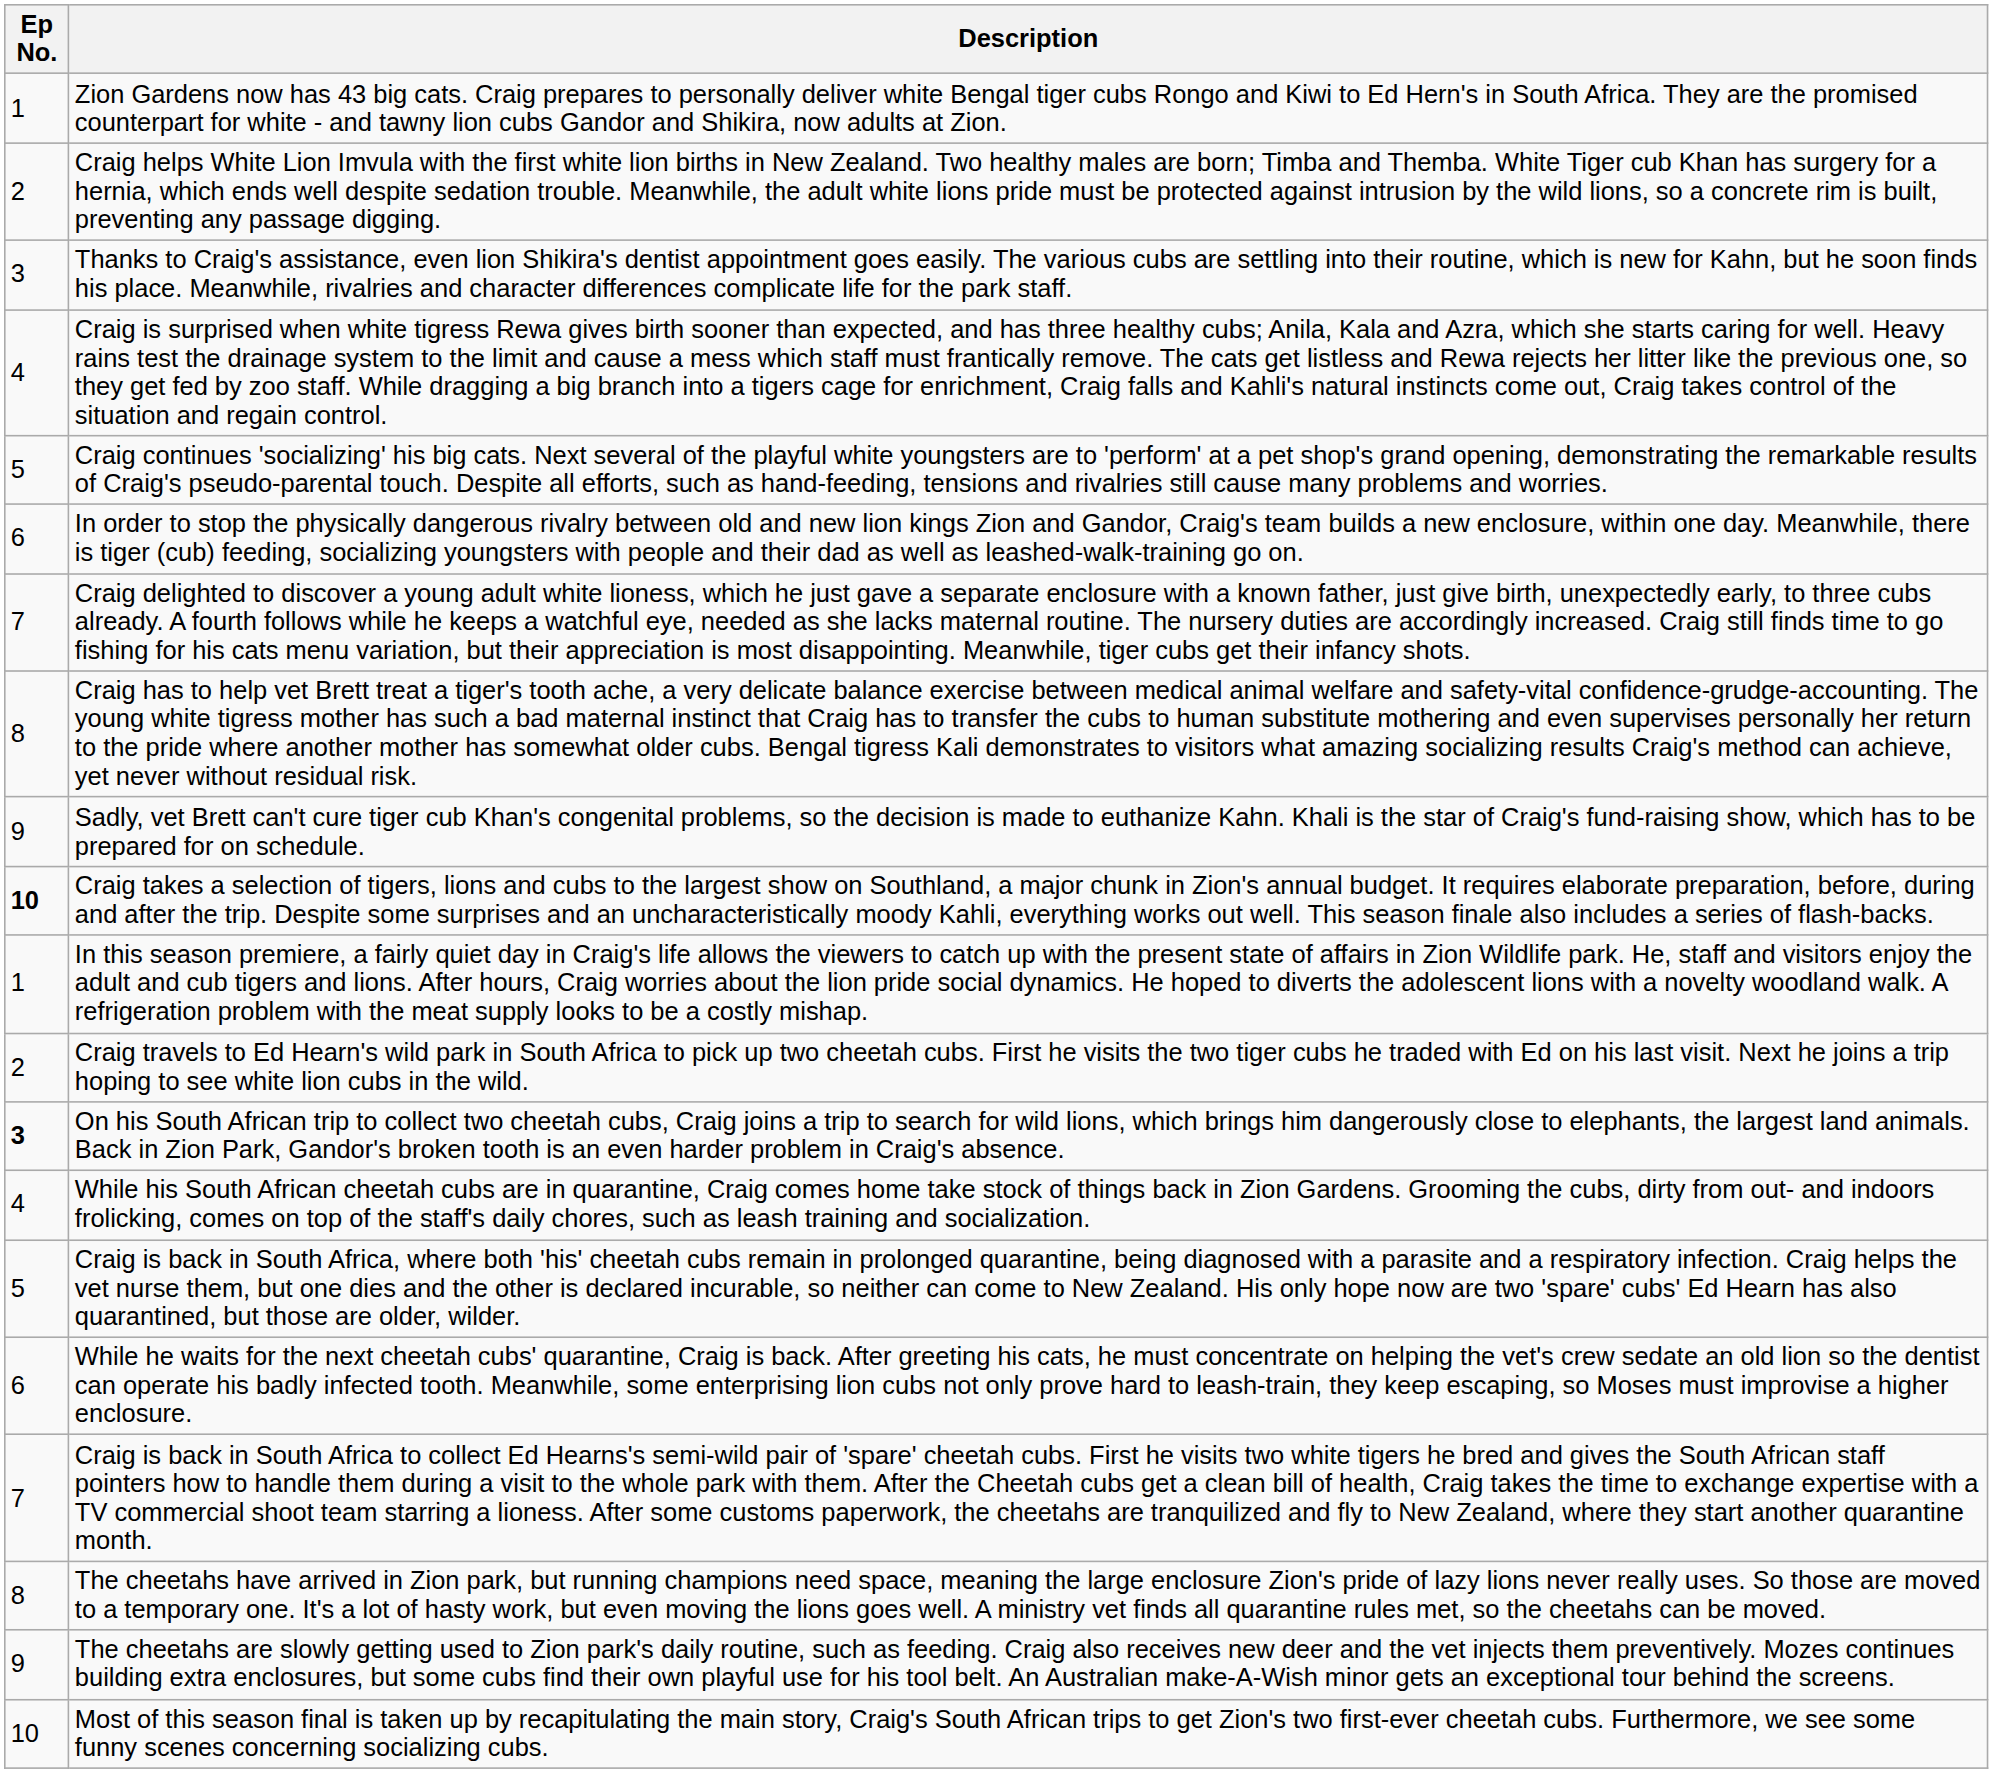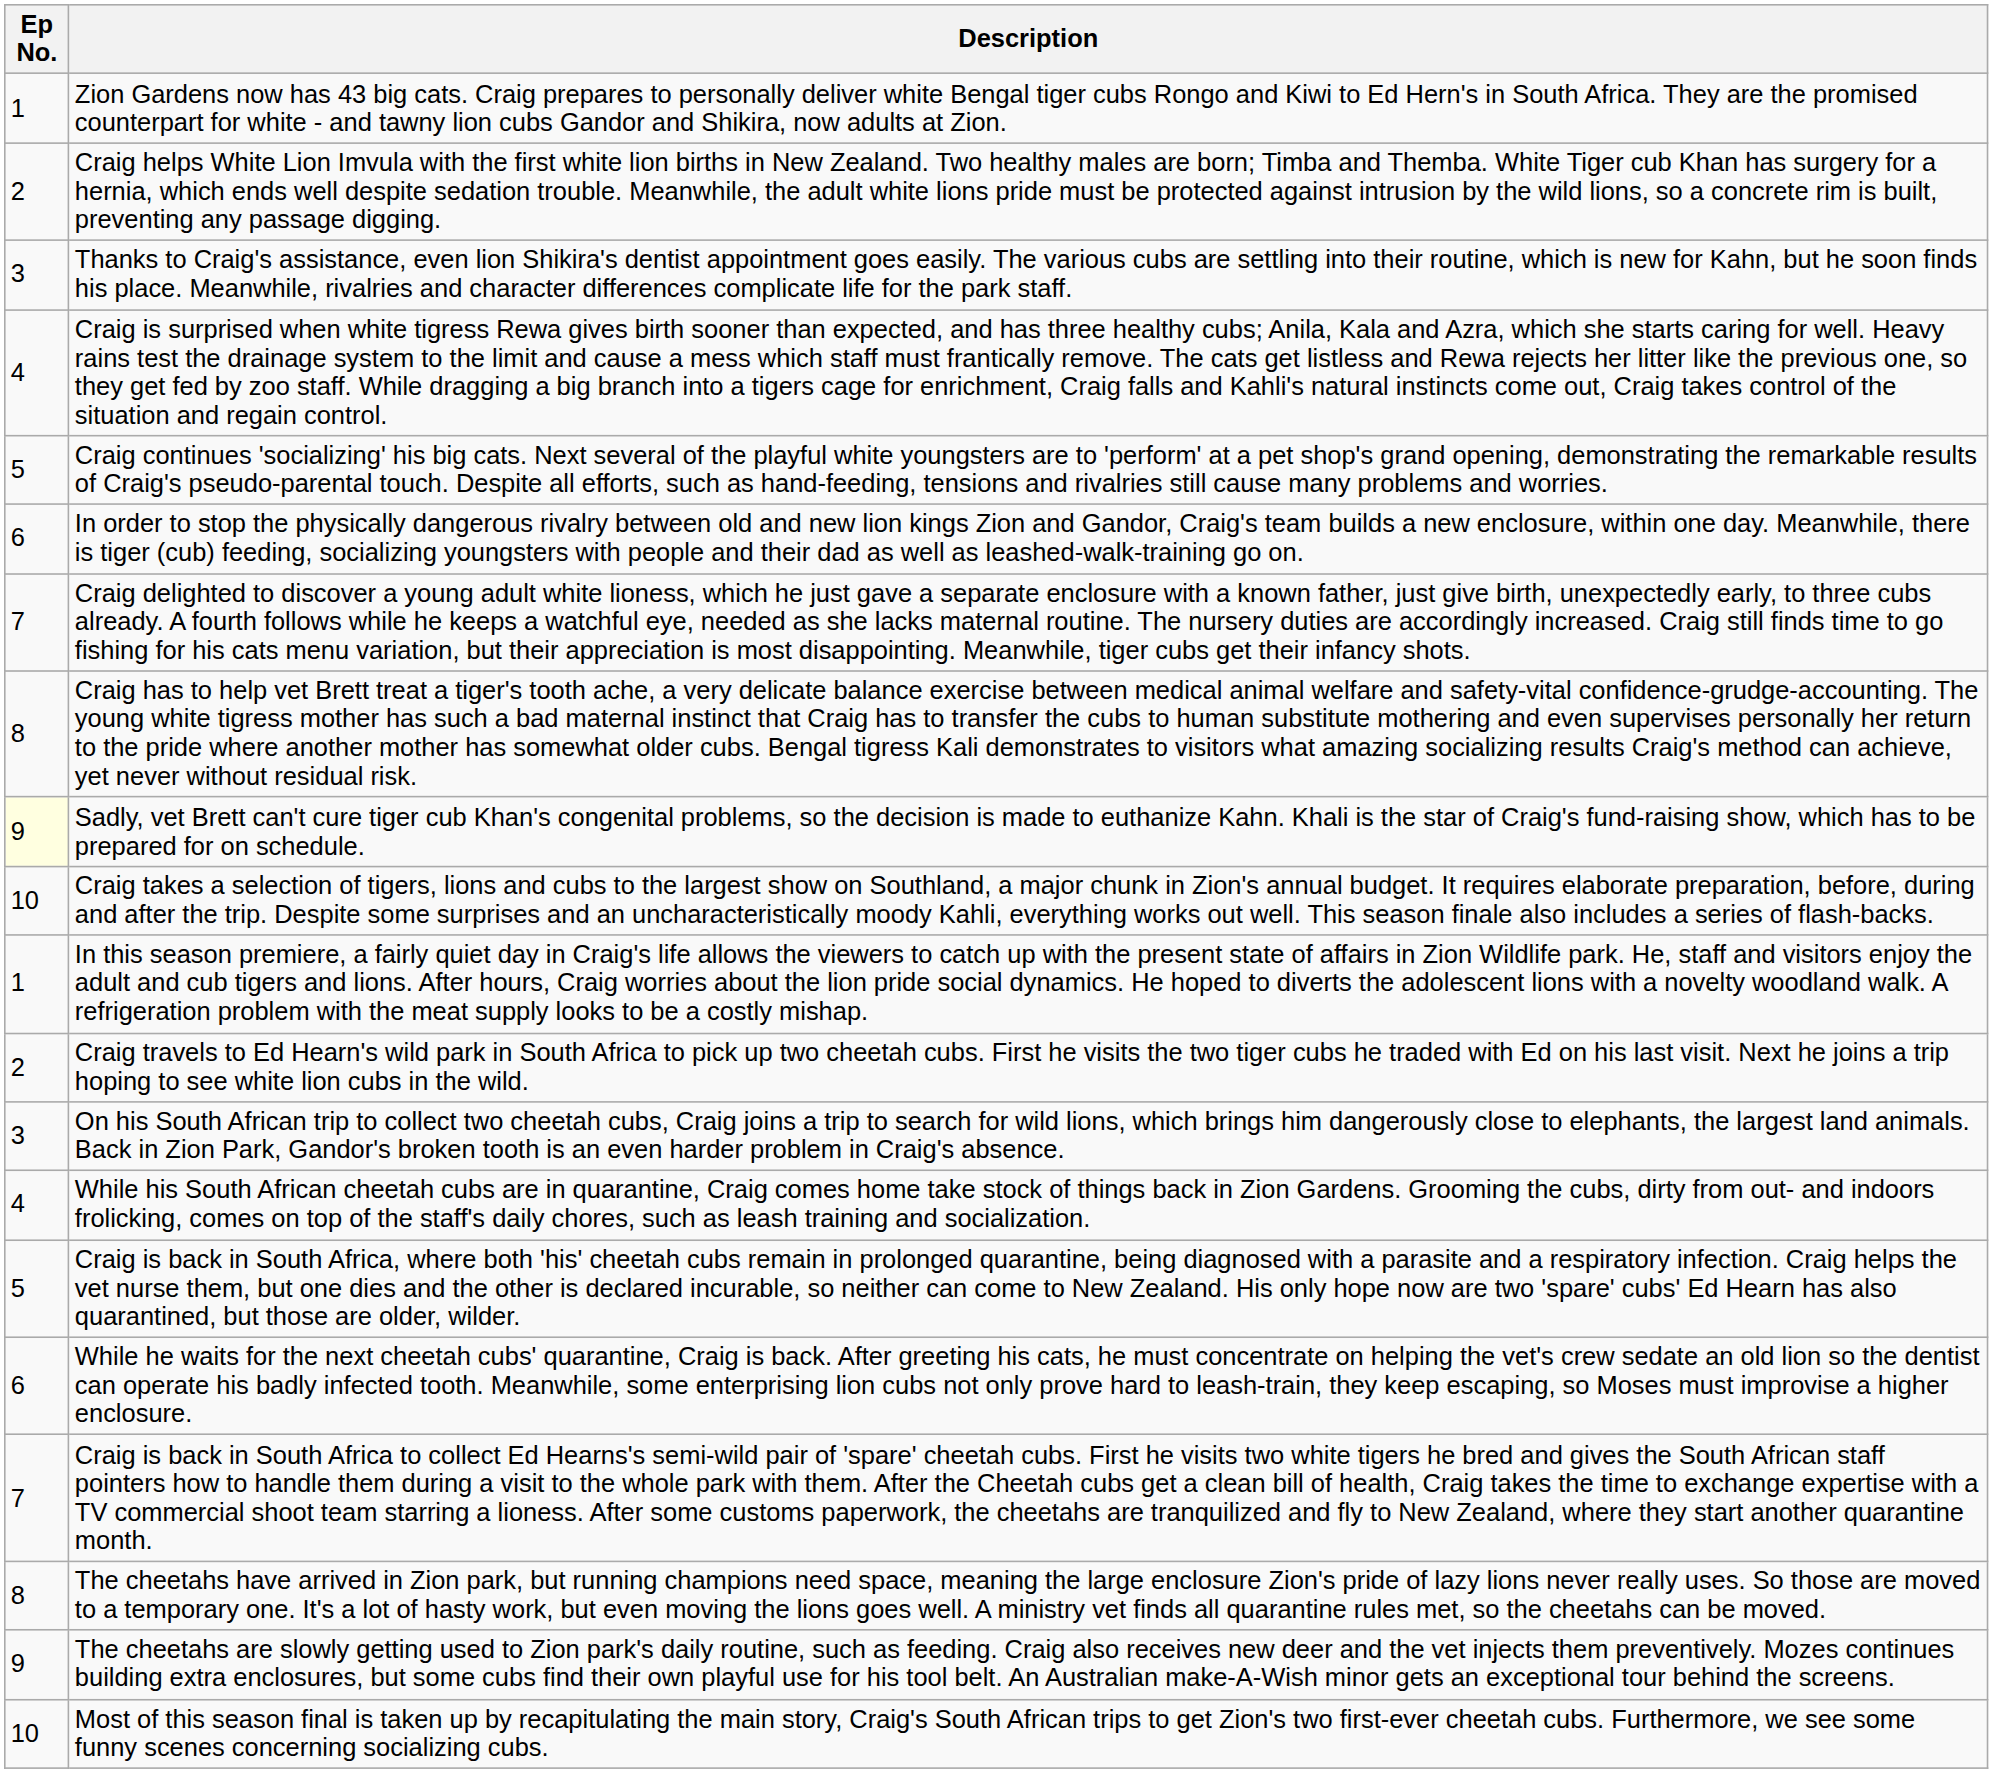 <table class="wikitable">
 <tr>
 <th>Ep No.</th>
 <th>Description</th>
 </tr>
 <tr>
 <td>1</td>
 <td>Zion Gardens now has 43 big cats. Craig prepares to personally deliver white Bengal tiger cubs Rongo and Kiwi to Ed Hern's in South Africa. They are the promised counterpart for white - and tawny lion cubs Gandor and Shikira, now adults at Zion.</td>
 </tr>
 <tr>
 <td>2</td>
 <td>Craig helps White Lion Imvula with the first white lion births in New Zealand. Two healthy males are born; Timba and Themba. White Tiger cub Khan has surgery for a hernia, which ends well despite sedation trouble. Meanwhile, the adult white lions pride must be protected against intrusion by the wild lions, so a concrete rim is built, preventing any passage digging.</td>
 </tr>
 <tr>
 <td>3</td>
 <td>Thanks to Craig's assistance, even lion Shikira's dentist appointment goes easily. The various cubs are settling into their routine, which is new for Kahn, but he soon finds his place. Meanwhile, rivalries and character differences complicate life for the park staff.</td>
 </tr>
 <tr>
 <td>4</td>
 <td>Craig is surprised when white tigress Rewa gives birth sooner than expected, and has three healthy cubs; Anila, Kala and Azra, which she starts caring for well. Heavy rains test the drainage system to the limit and cause a mess which staff must frantically remove. The cats get listless and Rewa rejects her litter like the previous one, so they get fed by zoo staff. While dragging a big branch into a tigers cage for enrichment, Craig falls and Kahli's natural instincts come out, Craig takes control of the situation and regain control.</td>
 </tr>
 <tr>
 <td>5</td>
 <td>Craig continues 'socializing' his big cats. Next several of the playful white youngsters are to 'perform' at a pet shop's grand opening, demonstrating the remarkable results of Craig's pseudo-parental touch. Despite all efforts, such as hand-feeding, tensions and rivalries still cause many problems and worries.</td>
 </tr>
 <tr>
 <td>6</td>
 <td>In order to stop the physically dangerous rivalry between old and new lion kings Zion and Gandor, Craig's team builds a new enclosure, within one day. Meanwhile, there is tiger (cub) feeding, socializing youngsters with people and their dad as well as leashed-walk-training go on.</td>
 </tr>
 <tr>
 <td>7</td>
 <td>Craig delighted to discover a young adult white lioness, which he just gave a separate enclosure with a known father, just give birth, unexpectedly early, to three cubs already. A fourth follows while he keeps a watchful eye, needed as she lacks maternal routine. The nursery duties are accordingly increased. Craig still finds time to go fishing for his cats menu variation, but their appreciation is most disappointing. Meanwhile, tiger cubs get their infancy shots.</td>
 </tr>
 <tr>
 <td>8</td>
 <td>Craig has to help vet Brett treat a tiger's tooth ache, a very delicate balance exercise between medical animal welfare and safety-vital confidence-grudge-accounting. The young white tigress mother has such a bad maternal instinct that Craig has to transfer the cubs to human substitute mothering and even supervises personally her return to the pride where another mother has somewhat older cubs. Bengal tigress Kali demonstrates to visitors what amazing socializing results Craig's method can achieve, yet never without residual risk.</td>
 </tr>
 <tr>
-<td>9</td>
+<td style="background: lightyellow;">9</td>
 <td>Sadly, vet Brett can't cure tiger cub Khan's congenital problems, so the decision is made to euthanize Kahn. Khali is the star of Craig's fund-raising show, which has to be prepared for on schedule.</td>
 </tr>
 <tr>
-<td><strong>10</strong></td>
+<td>10</td>
 <td>Craig takes a selection of tigers, lions and cubs to the largest show on Southland, a major chunk in Zion's annual budget. It requires elaborate preparation, before, during and after the trip. Despite some surprises and an uncharacteristically moody Kahli, everything works out well. This season finale also includes a series of flash-backs.</td>
 </tr>
 <tr>
 <td>1</td>
 <td>In this season premiere, a fairly quiet day in Craig's life allows the viewers to catch up with the present state of affairs in Zion Wildlife park. He, staff and visitors enjoy the adult and cub tigers and lions. After hours, Craig worries about the lion pride social dynamics. He hoped to diverts the adolescent lions with a novelty woodland walk. A refrigeration problem with the meat supply looks to be a costly mishap.</td>
 </tr>
 <tr>
 <td>2</td>
 <td>Craig travels to Ed Hearn's wild park in South Africa to pick up two cheetah cubs. First he visits the two tiger cubs he traded with Ed on his last visit. Next he joins a trip hoping to see white lion cubs in the wild.</td>
 </tr>
 <tr>
-<td><strong>3</strong></td>
+<td>3</td>
 <td>On his South African trip to collect two cheetah cubs, Craig joins a trip to search for wild lions, which brings him dangerously close to elephants, the largest land animals. Back in Zion Park, Gandor's broken tooth is an even harder problem in Craig's absence.</td>
 </tr>
 <tr>
 <td>4</td>
 <td>While his South African cheetah cubs are in quarantine, Craig comes home take stock of things back in Zion Gardens. Grooming the cubs, dirty from out- and indoors frolicking, comes on top of the staff's daily chores, such as leash training and socialization.</td>
 </tr>
 <tr>
 <td>5</td>
 <td>Craig is back in South Africa, where both 'his' cheetah cubs remain in prolonged quarantine, being diagnosed with a parasite and a respiratory infection. Craig helps the vet nurse them, but one dies and the other is declared incurable, so neither can come to New Zealand. His only hope now are two 'spare' cubs' Ed Hearn has also quarantined, but those are older, wilder.</td>
 </tr>
 <tr>
 <td>6</td>
 <td>While he waits for the next cheetah cubs' quarantine, Craig is back. After greeting his cats, he must concentrate on helping the vet's crew sedate an old lion so the dentist can operate his badly infected tooth. Meanwhile, some enterprising lion cubs not only prove hard to leash-train, they keep escaping, so Moses must improvise a higher enclosure.</td>
 </tr>
 <tr>
 <td>7</td>
 <td>Craig is back in South Africa to collect Ed Hearns's semi-wild pair of 'spare' cheetah cubs. First he visits two white tigers he bred and gives the South African staff pointers how to handle them during a visit to the whole park with them. After the Cheetah cubs get a clean bill of health, Craig takes the time to exchange expertise with a TV commercial shoot team starring a lioness. After some customs paperwork, the cheetahs are tranquilized and fly to New Zealand, where they start another quarantine month.</td>
 </tr>
 <tr>
 <td>8</td>
 <td>The cheetahs have arrived in Zion park, but running champions need space, meaning the large enclosure Zion's pride of lazy lions never really uses. So those are moved to a temporary one. It's a lot of hasty work, but even moving the lions goes well. A ministry vet finds all quarantine rules met, so the cheetahs can be moved.</td>
 </tr>
 <tr>
 <td>9</td>
 <td>The cheetahs are slowly getting used to Zion park's daily routine, such as feeding. Craig also receives new deer and the vet injects them preventively. Mozes continues building extra enclosures, but some cubs find their own playful use for his tool belt. An Australian make-A-Wish minor gets an exceptional tour behind the screens.</td>
 </tr>
 <tr>
 <td>10</td>
 <td>Most of this season final is taken up by recapitulating the main story, Craig's South African trips to get Zion's two first-ever cheetah cubs. Furthermore, we see some funny scenes concerning socializing cubs.</td>
 </tr>
 </table>
